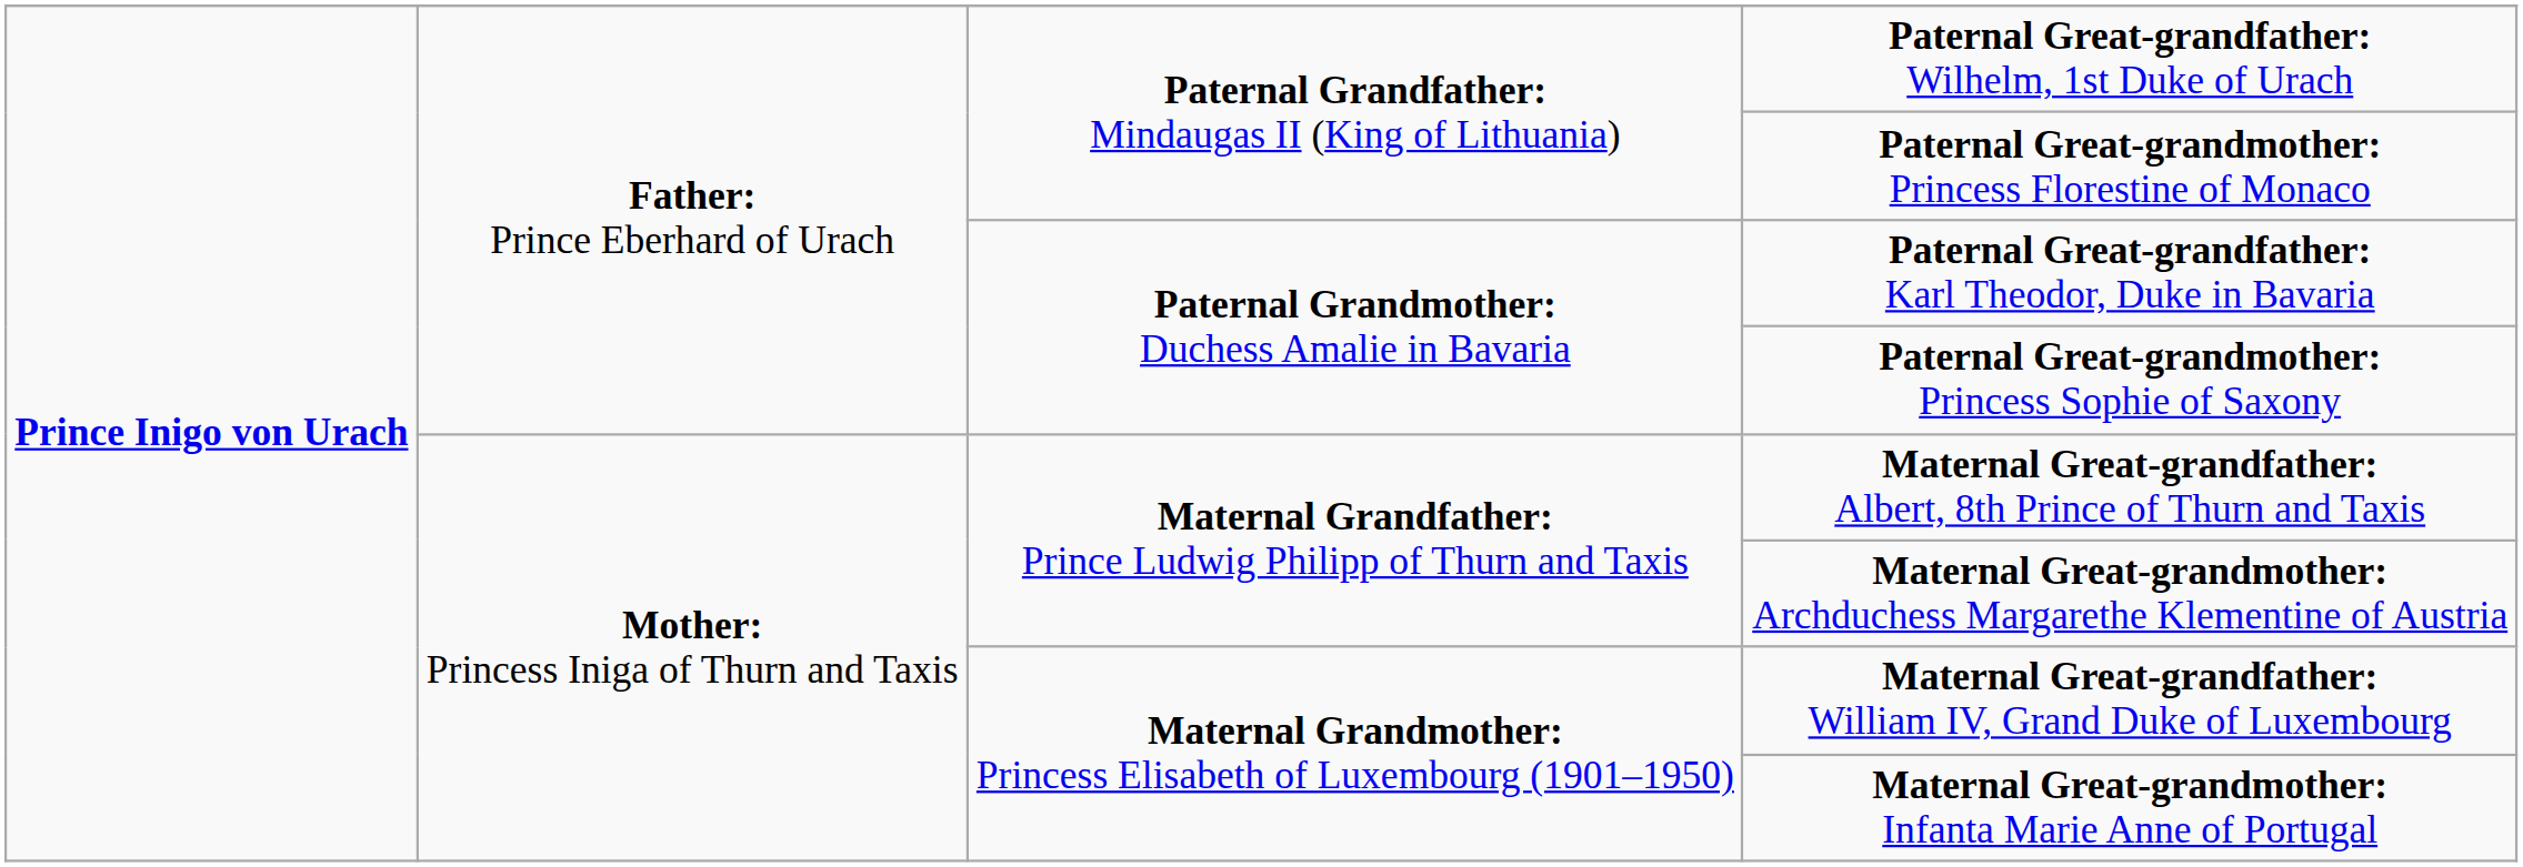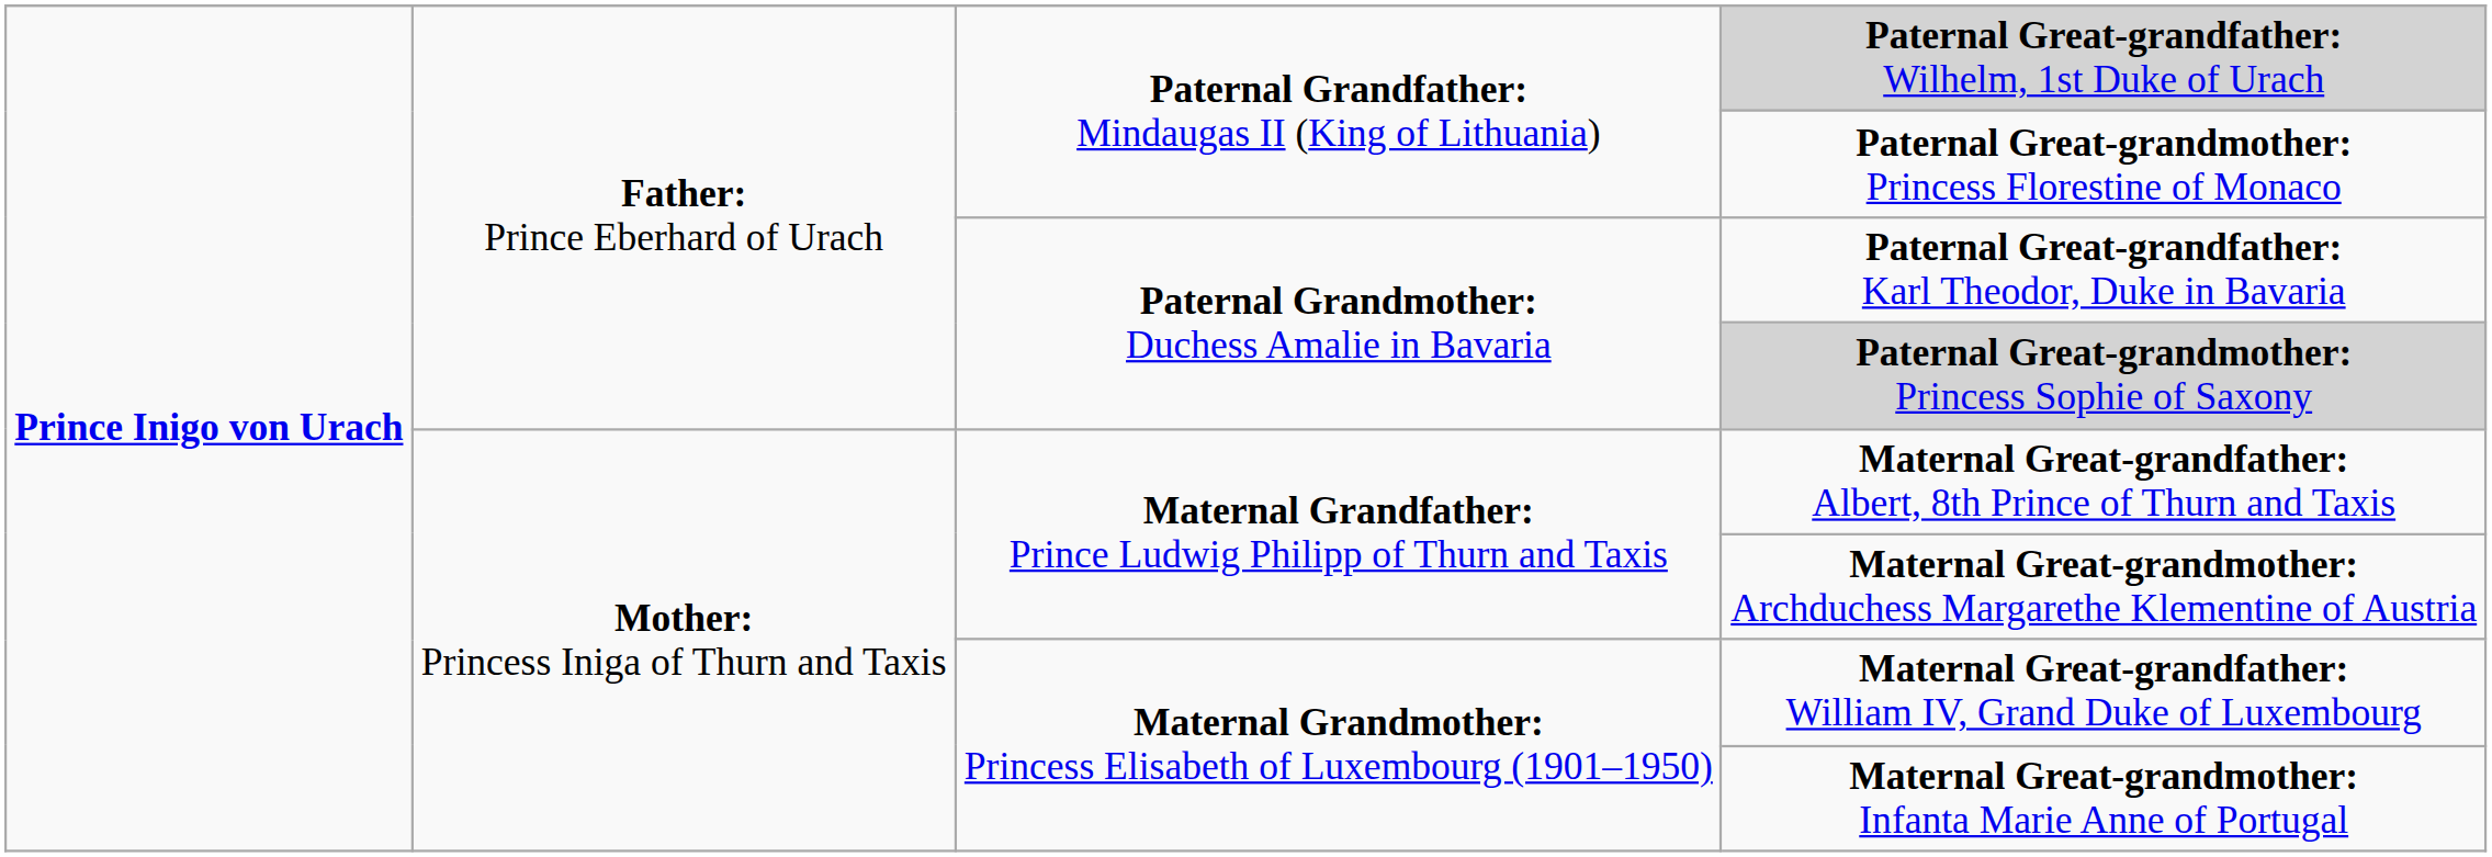 <table class="wikitable">
 <tr>
 </tr>
 <tr>
 <td rowspan="8" align="center"><strong><a href='#'>Prince Inigo von Urach</a> <br> </strong></td>
 <td rowspan="4" align="center"><strong>Father:</strong><br>Prince Eberhard of Urach</td>
 <td rowspan="2" align="center"><strong>Paternal Grandfather:</strong><br><a href='#'>Mindaugas II</a> (<a href='#'>King of Lithuania</a>)</td>
-<td align="center"><strong>Paternal Great-grandfather:</strong><br><a href='#'>Wilhelm, 1st Duke of Urach</a></td>
+<td align="center" style="background: lightgrey;"><strong>Paternal Great-grandfather:</strong><br><a href='#'>Wilhelm, 1st Duke of Urach</a></td>
 </tr>
 <tr>
 <td align="center"><strong>Paternal Great-grandmother:</strong><br><a href='#'>Princess Florestine of Monaco</a></td>
 </tr>
 <tr>
 <td rowspan="2" align="center"><strong>Paternal Grandmother:</strong><br> <a href='#'>Duchess Amalie in Bavaria</a></td>
 <td align="center"><strong>Paternal Great-grandfather:</strong><br><a href='#'>Karl Theodor, Duke in Bavaria</a></td>
 </tr>
 <tr>
-<td align="center"><strong>Paternal Great-grandmother:</strong><br><a href='#'>Princess Sophie of Saxony</a></td>
+<td align="center" style="background: lightgrey;"><strong>Paternal Great-grandmother:</strong><br><a href='#'>Princess Sophie of Saxony</a></td>
 </tr>
 <tr>
 <td rowspan="4" align="center"><strong>Mother:</strong><br>Princess Iniga of Thurn and Taxis</td>
 <td rowspan="2" align="center"><strong>Maternal Grandfather:</strong><br><a href='#'>Prince Ludwig Philipp of Thurn and Taxis</a></td>
 <td align="center"><strong>Maternal Great-grandfather:</strong><br><a href='#'>Albert, 8th Prince of Thurn and Taxis</a></td>
 </tr>
 <tr>
 <td align="center"><strong>Maternal Great-grandmother:</strong><br><a href='#'>Archduchess Margarethe Klementine of Austria</a></td>
 </tr>
 <tr>
 <td rowspan="2" align="center"><strong>Maternal Grandmother:</strong><br><a href='#'>Princess Elisabeth of Luxembourg (1901–1950)</a></td>
 <td align="center"><strong>Maternal Great-grandfather:</strong><br><a href='#'>William IV, Grand Duke of Luxembourg</a></td>
 </tr>
 <tr>
 <td align="center"><strong>Maternal Great-grandmother:</strong><br><a href='#'>Infanta Marie Anne of Portugal</a></td>
 </tr>
 </table>
